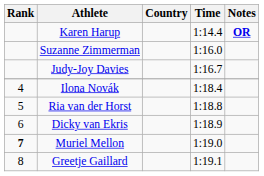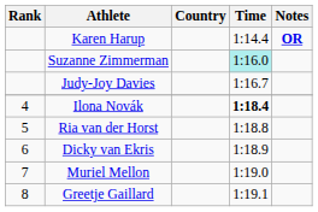 <table class="wikitable sortable" style="text-align:center">
 <tr>
 <th>Rank</th>
 <th>Athlete</th>
 <th>Country</th>
 <th>Time</th>
 <th>Notes</th>
 </tr>
 <tr>
 <td></td>
 <td><a href='#'>Karen Harup</a></td>
 <td align=left></td>
 <td>1:14.4</td>
 <td><strong><a href='#'>OR</a></strong></td>
 </tr>
 <tr>
 <td></td>
 <td><a href='#'>Suzanne Zimmerman</a></td>
 <td align=left></td>
-<td>1:16.0</td>
+<td style="background: paleturquoise;">1:16.0</td>
 <td><strong> </strong></td>
 </tr>
 <tr>
 <td></td>
 <td><a href='#'>Judy-Joy Davies</a></td>
 <td align=left></td>
 <td>1:16.7</td>
 <td><strong> </strong></td>
 </tr>
 <tr>
 </tr>
 <tr>
 <td>4</td>
 <td><a href='#'>Ilona Novák</a></td>
 <td align=left></td>
-<td>1:18.4</td>
+<td><strong>1:18.4</strong></td>
 <td><strong> </strong></td>
 </tr>
 <tr>
 <td>5</td>
 <td><a href='#'>Ria van der Horst</a></td>
 <td align=left></td>
 <td>1:18.8</td>
 <td><strong> </strong></td>
 </tr>
 <tr>
 <td>6</td>
 <td><a href='#'>Dicky van Ekris</a></td>
 <td align=left></td>
 <td>1:18.9</td>
 <td><strong> </strong></td>
 </tr>
 <tr>
-<td><strong>7</strong></td>
+<td>7</td>
 <td><a href='#'>Muriel Mellon</a></td>
 <td align=left></td>
 <td>1:19.0</td>
 <td><strong> </strong></td>
 </tr>
 <tr>
 <td>8</td>
 <td><a href='#'>Greetje Gaillard</a></td>
 <td align=left></td>
 <td>1:19.1</td>
 <td><strong> </strong></td>
 </tr>
 </table>
